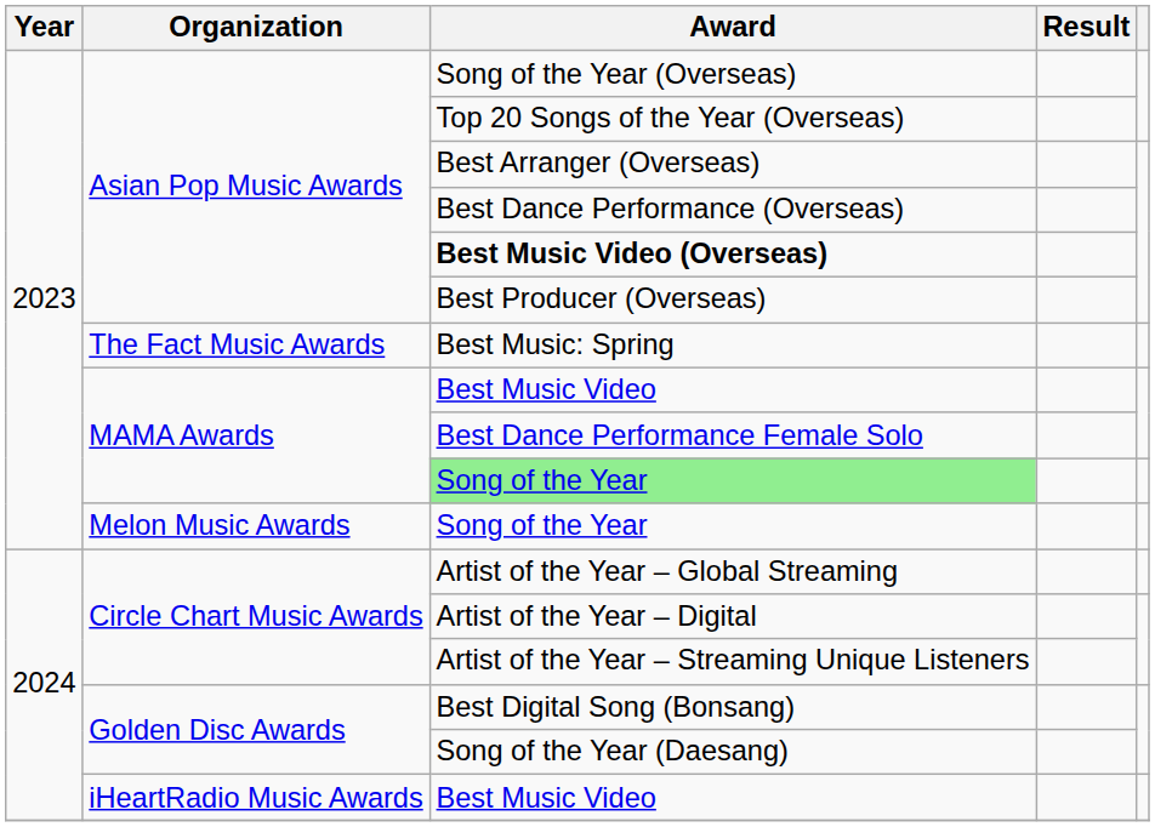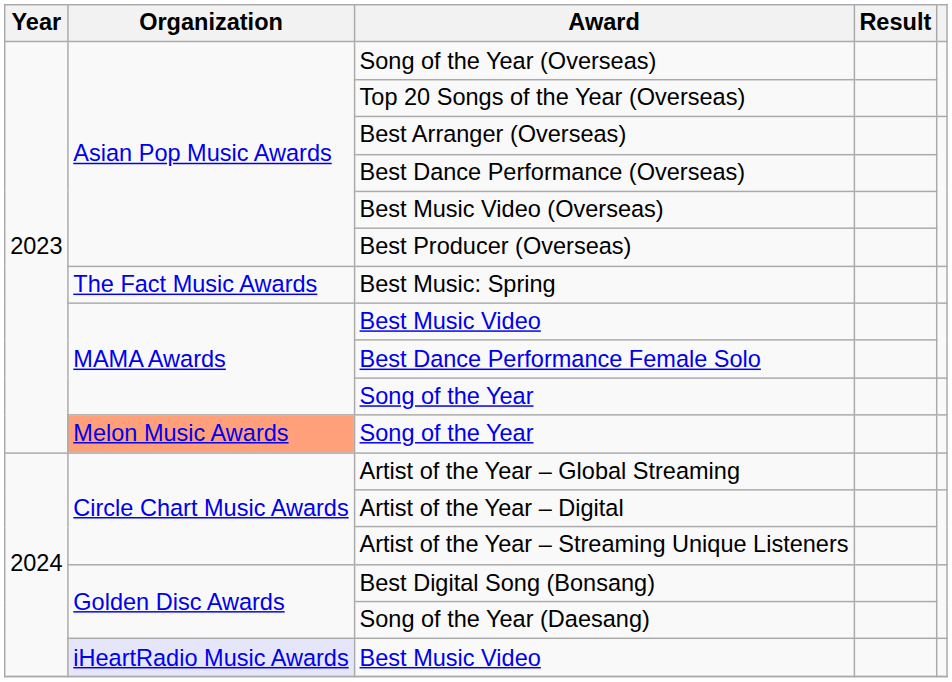 <table class="wikitable plainrowheaders">
 <tr align=center>
 <th scope="col">Year</th>
 <th scope="col">Organization</th>
 <th scope="col">Award</th>
 <th scope="col">Result</th>
 <th scope="col"></th>
 </tr>
 <tr>
 <td rowspan="11" style="text-align:center">2023</td>
 <td rowspan="6"><a href='#'>Asian Pop Music Awards</a></td>
 <td>Song of the Year (Overseas)</td>
 <td></td>
 <td rowspan="2" style="text-align:center"></td>
 </tr>
 <tr>
 <td>Top 20 Songs of the Year (Overseas)</td>
 <td></td>
 </tr>
 <tr>
 <td>Best Arranger (Overseas)</td>
 <td></td>
 <td rowspan="4" style="text-align:center"></td>
 </tr>
 <tr>
 <td>Best Dance Performance (Overseas)</td>
 <td></td>
 </tr>
 <tr>
-<td><strong>Best Music Video (Overseas)</strong></td>
+<td>Best Music Video (Overseas)</td>
 <td></td>
 </tr>
 <tr>
 <td>Best Producer (Overseas)</td>
 <td></td>
 </tr>
 <tr>
 <td><a href='#'>The Fact Music Awards</a></td>
 <td>Best Music: Spring</td>
 <td></td>
 <td style="text-align:center"></td>
 </tr>
 <tr>
 <td rowspan="3"><a href='#'>MAMA Awards</a></td>
 <td><a href='#'>Best Music Video</a></td>
 <td></td>
 <td style="text-align:center" rowspan="2"></td>
 </tr>
 <tr>
 <td><a href='#'>Best Dance Performance Female Solo</a></td>
 <td></td>
 </tr>
 <tr>
-<td style="background: lightgreen;"><a href='#'>Song of the Year</a></td>
+<td><a href='#'>Song of the Year</a></td>
 <td></td>
 <td style="text-align:center"></td>
 </tr>
 <tr>
-<td><a href='#'>Melon Music Awards</a></td>
+<td style="background: lightsalmon;"><a href='#'>Melon Music Awards</a></td>
 <td><a href='#'>Song of the Year</a></td>
 <td></td>
 <td style="text-align:center"></td>
 </tr>
 <tr>
 <td rowspan="6" style="text-align:center">2024</td>
 <td rowspan="3"><a href='#'>Circle Chart Music Awards</a></td>
 <td>Artist of the Year – Global Streaming</td>
 <td></td>
 <td style="text-align:center;"></td>
 </tr>
 <tr>
 <td>Artist of the Year – Digital</td>
 <td></td>
 <td rowspan="2" style="text-align:center;"></td>
 </tr>
 <tr>
 <td>Artist of the Year – Streaming Unique Listeners</td>
 <td></td>
 </tr>
 <tr>
 <td rowspan="2"><a href='#'>Golden Disc Awards</a></td>
 <td>Best Digital Song (Bonsang)</td>
 <td></td>
 <td style="text-align:center" rowspan="2"></td>
 </tr>
 <tr>
 <td>Song of the Year (Daesang)</td>
 <td></td>
 </tr>
 <tr>
-<td><a href='#'>iHeartRadio Music Awards</a></td>
+<td style="background: lavender;"><a href='#'>iHeartRadio Music Awards</a></td>
 <td><a href='#'>Best Music Video</a></td>
 <td></td>
 <td style="text-align:center"></td>
 </tr>
 <tr>
 </tr>
 </table>
